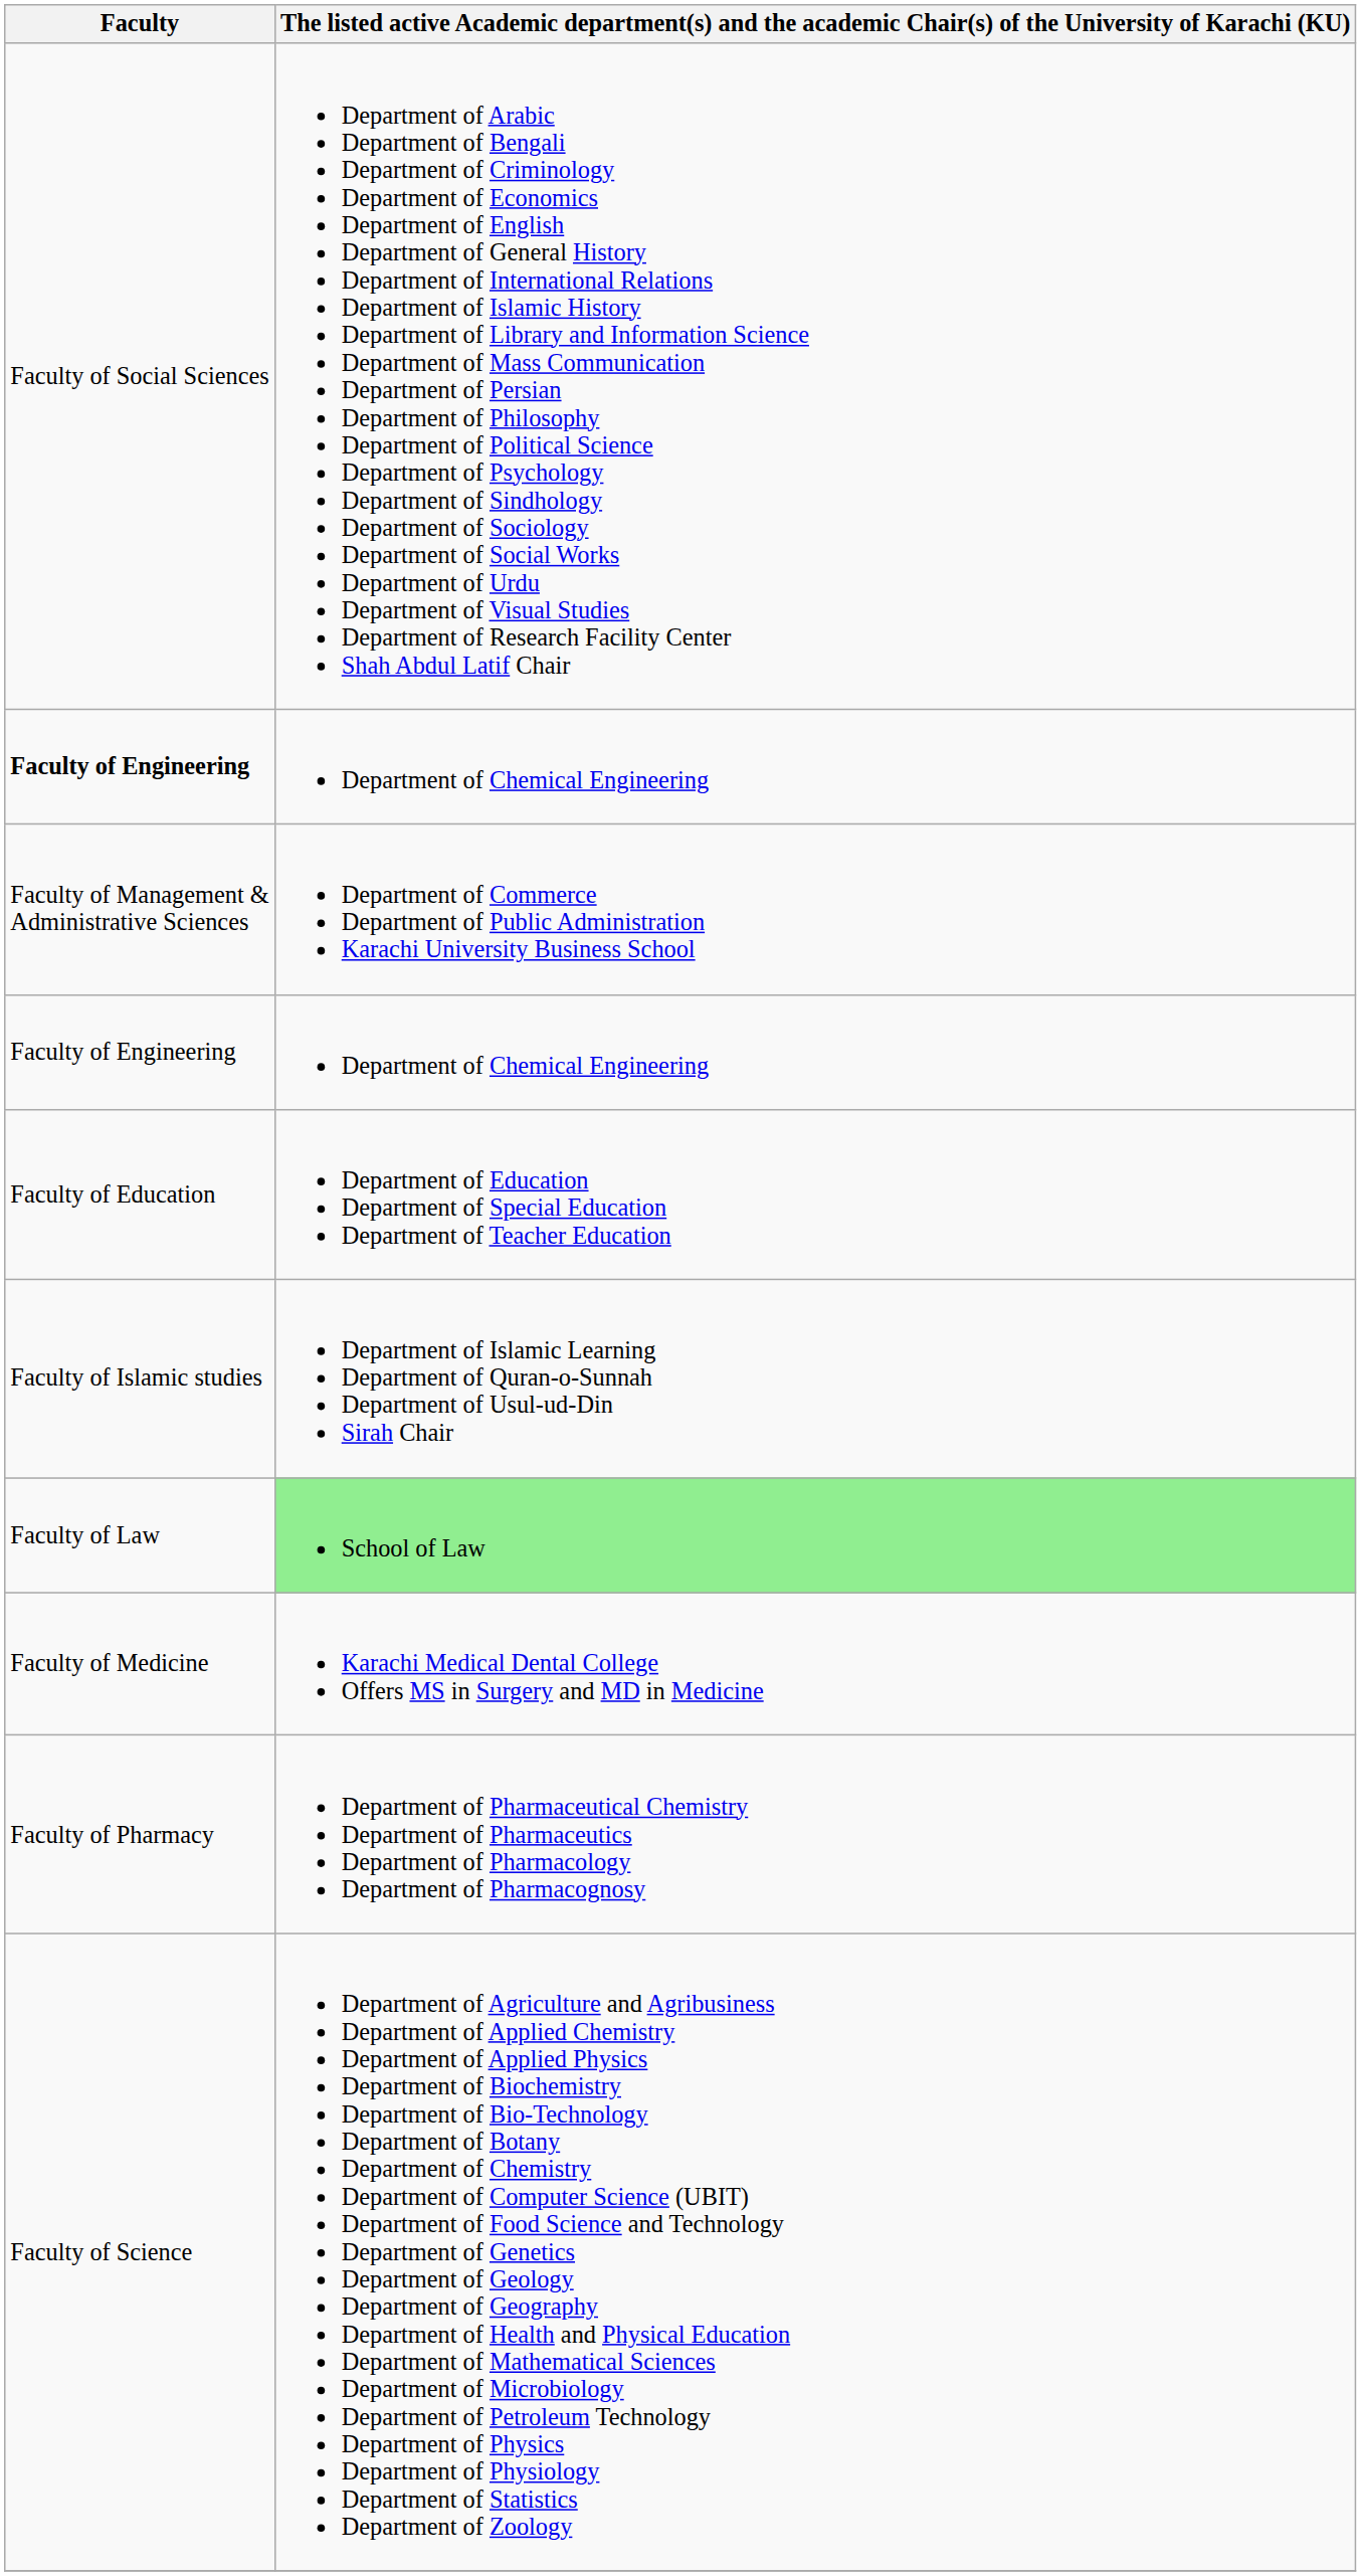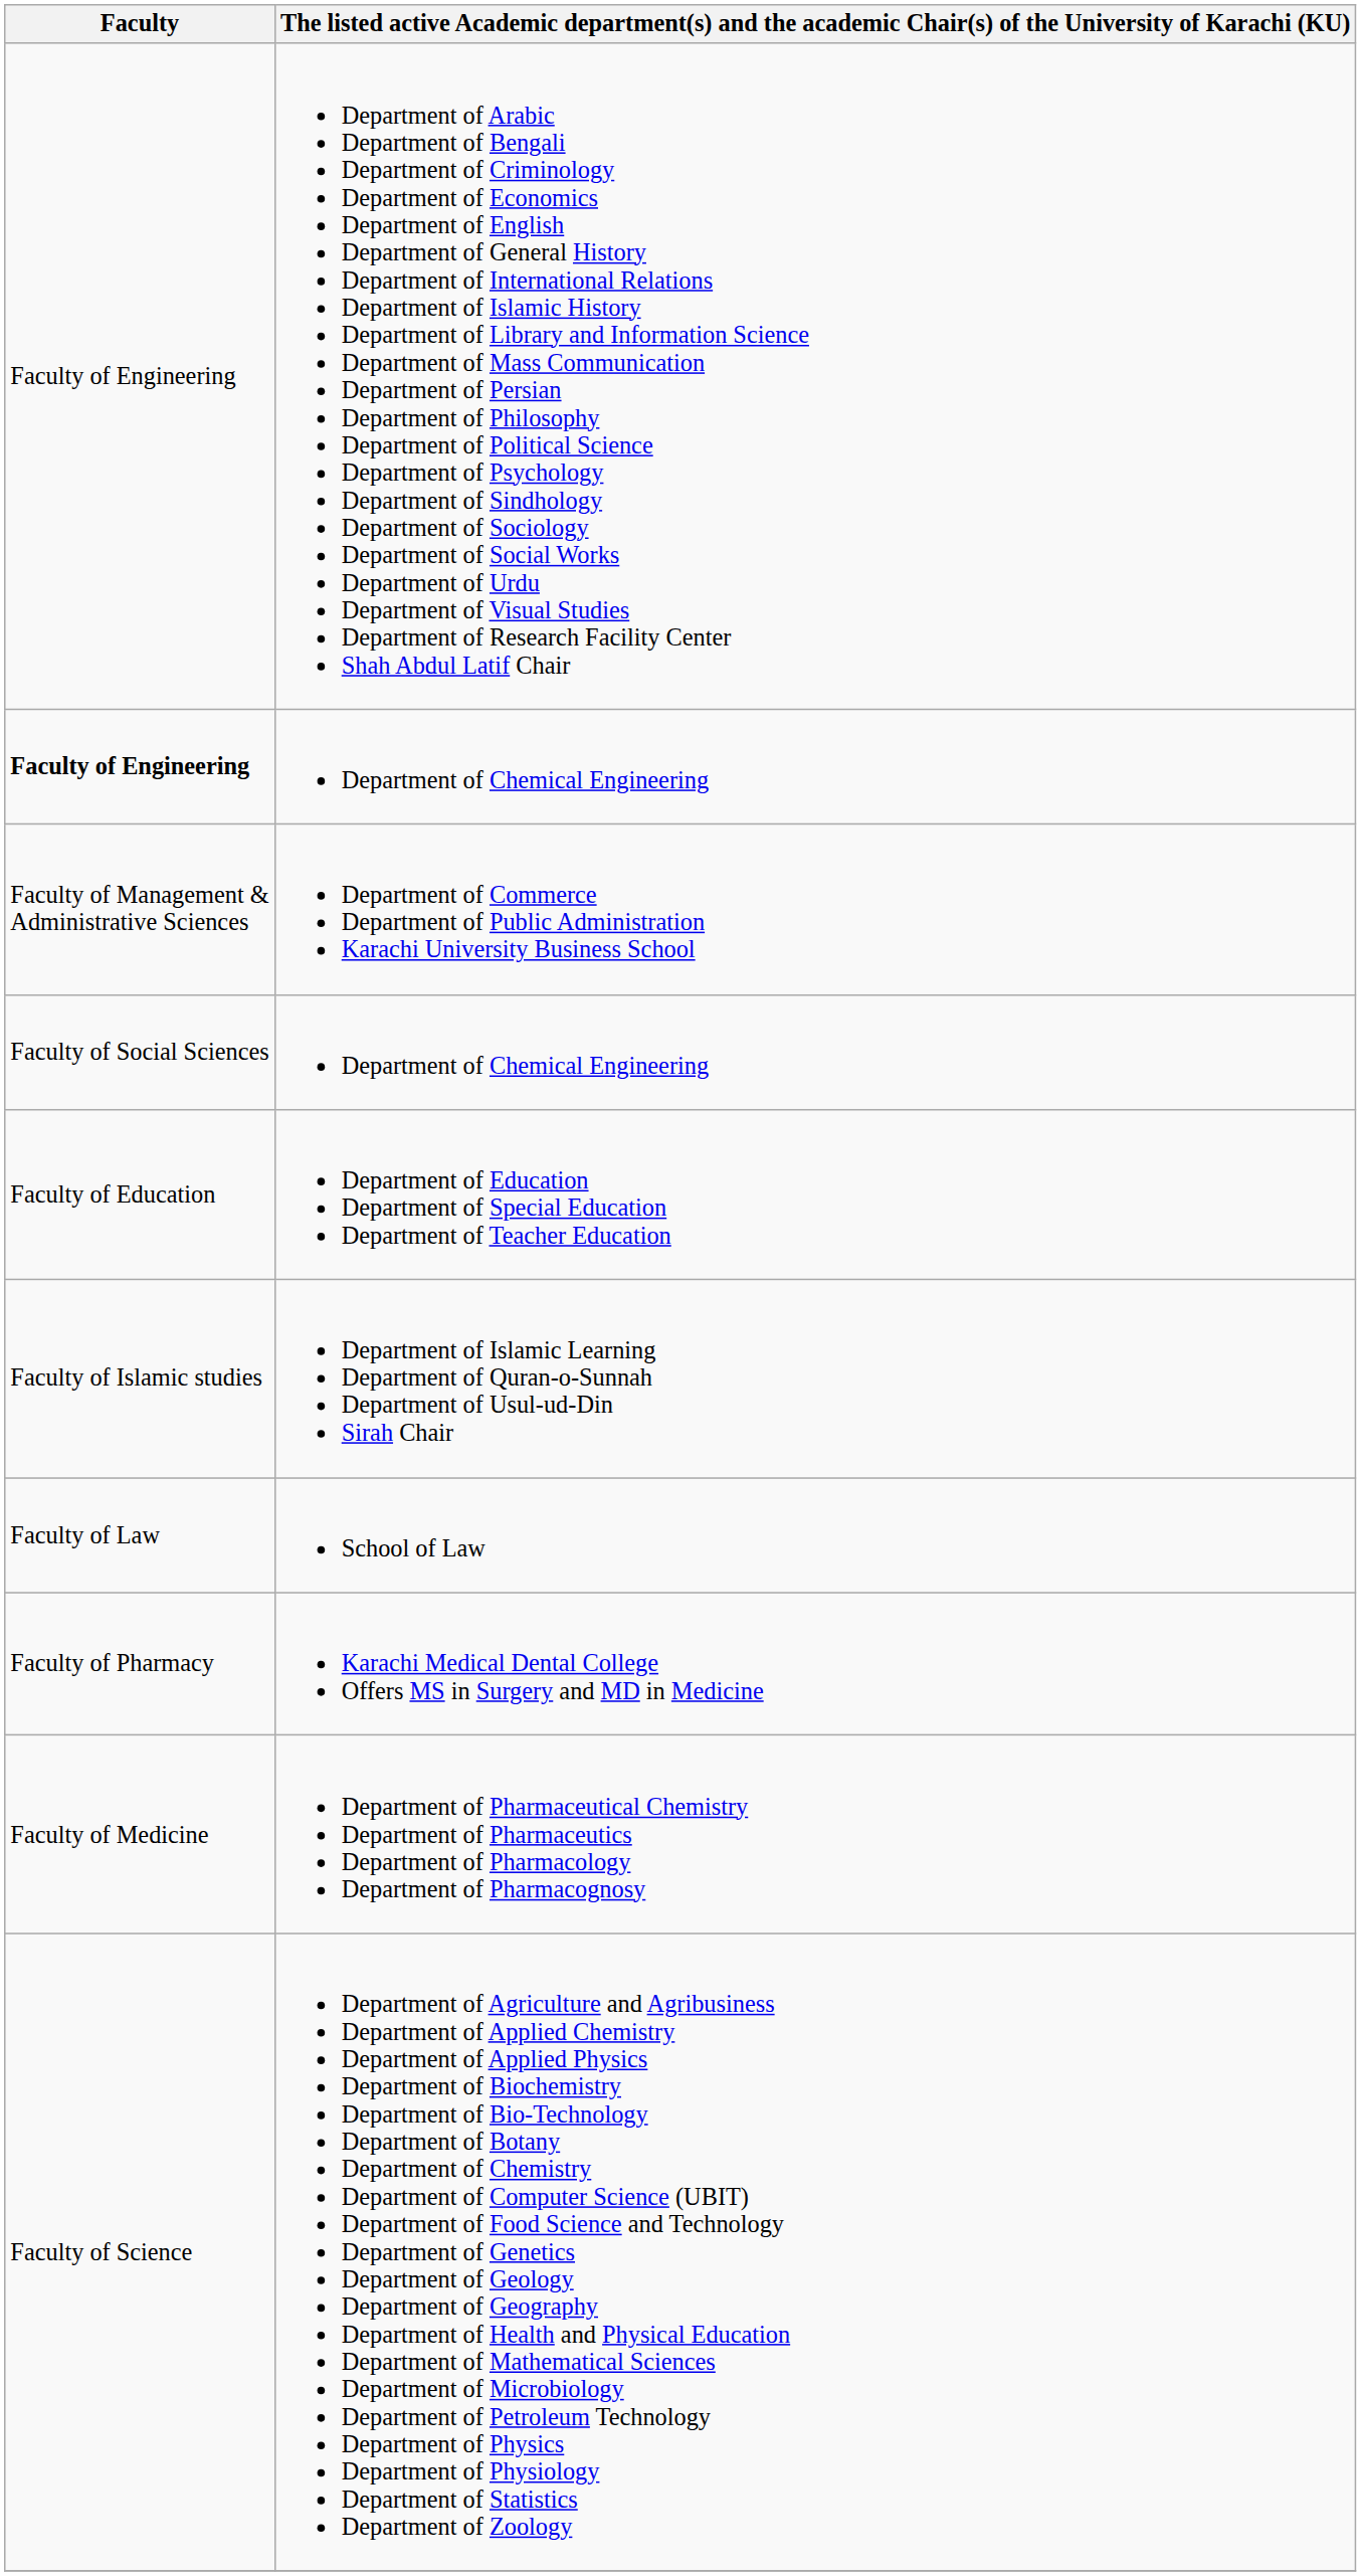 <table class="wikitable sortable mw-collapsible">
 <tr>
 <th>Faculty</th>
 <th>The listed active Academic department(s) and the academic Chair(s) of the University of Karachi (KU)</th>
 </tr>
 <tr>
-<td>Faculty of Social Sciences</td>
+<td>Faculty of Engineering</td>
 <td><br><ul><li>Department of <a href='#'>Arabic</a></li><li>Department of <a href='#'>Bengali</a></li><li>Department of <a href='#'>Criminology</a></li><li>Department of <a href='#'>Economics</a></li><li>Department of <a href='#'>English</a></li><li>Department of General <a href='#'>History</a></li><li>Department of <a href='#'>International Relations</a></li><li>Department of <a href='#'>Islamic History</a></li><li>Department of <a href='#'>Library and Information Science</a></li><li>Department of <a href='#'>Mass Communication</a></li><li>Department of <a href='#'>Persian</a></li><li>Department of <a href='#'>Philosophy</a></li><li>Department of <a href='#'>Political Science</a></li><li>Department of <a href='#'>Psychology</a></li><li>Department of <a href='#'>Sindhology</a></li><li>Department of <a href='#'>Sociology</a></li><li>Department of <a href='#'>Social Works</a></li><li>Department of <a href='#'>Urdu</a></li><li>Department of <a href='#'>Visual Studies</a></li><li>Department of Research Facility Center</li><li><a href='#'>Shah Abdul Latif</a> Chair</li></ul></td>
 </tr>
 <tr>
 <td><strong>Faculty of Engineering</strong></td>
 <td><br><ul><li>Department of <a href='#'>Chemical Engineering</a></li></ul></td>
 </tr>
 <tr>
 <td>Faculty of Management &<br>Administrative Sciences</td>
 <td><br><ul><li>Department of <a href='#'>Commerce</a></li><li>Department of <a href='#'>Public Administration</a></li><li><a href='#'>Karachi University Business School</a></li></ul></td>
 </tr>
 <tr>
-<td>Faculty of Engineering</td>
+<td>Faculty of Social Sciences</td>
 <td><br><ul><li>Department of <a href='#'>Chemical Engineering</a></li></ul></td>
 </tr>
 <tr>
 <td>Faculty of Education</td>
 <td><br><ul><li>Department of <a href='#'>Education</a></li><li>Department of <a href='#'>Special Education</a></li><li>Department of <a href='#'>Teacher Education</a></li></ul></td>
 </tr>
 <tr>
 <td>Faculty of Islamic studies</td>
 <td><br><ul><li>Department of Islamic Learning</li><li>Department of Quran-o-Sunnah</li><li>Department of Usul-ud-Din</li><li><a href='#'>Sirah</a> Chair</li></ul></td>
 </tr>
 <tr>
 <td>Faculty of Law</td>
-<td style="background: lightgreen;"><br><ul><li>School of Law</li></ul></td>
+<td><br><ul><li>School of Law</li></ul></td>
+</tr>
+<tr>
+<td>Faculty of Pharmacy</td>
+<td><br><ul><li><a href='#'>Karachi Medical Dental College</a></li><li>Offers <a href='#'>MS</a> in <a href='#'>Surgery</a> and <a href='#'>MD</a> in <a href='#'>Medicine</a></li></ul></td>
 </tr>
 <tr>
 <td>Faculty of Medicine</td>
-<td><br><ul><li><a href='#'>Karachi Medical Dental College</a></li><li>Offers <a href='#'>MS</a> in <a href='#'>Surgery</a> and <a href='#'>MD</a> in <a href='#'>Medicine</a></li></ul></td>
-</tr>
-<tr>
-<td>Faculty of Pharmacy</td>
 <td><br><ul><li>Department of <a href='#'>Pharmaceutical Chemistry</a></li><li>Department of <a href='#'>Pharmaceutics</a></li><li>Department of <a href='#'>Pharmacology</a></li><li>Department of <a href='#'>Pharmacognosy</a></li></ul></td>
 </tr>
 <tr>
 <td>Faculty of Science</td>
 <td><br><ul><li>Department of <a href='#'>Agriculture</a> and <a href='#'>Agribusiness</a></li><li>Department of <a href='#'>Applied Chemistry</a></li><li>Department of <a href='#'>Applied Physics</a></li><li>Department of <a href='#'>Biochemistry</a></li><li>Department of <a href='#'>Bio-Technology</a></li><li>Department of <a href='#'>Botany</a></li><li>Department of <a href='#'>Chemistry</a></li><li>Department of <a href='#'>Computer Science</a> (UBIT)</li><li>Department of <a href='#'>Food Science</a> and Technology</li><li>Department of <a href='#'>Genetics</a></li><li>Department of <a href='#'>Geology</a></li><li>Department of <a href='#'>Geography</a></li><li>Department of <a href='#'>Health</a> and <a href='#'>Physical Education</a></li><li>Department of <a href='#'>Mathematical Sciences</a></li><li>Department of <a href='#'>Microbiology</a></li><li>Department of <a href='#'>Petroleum</a> Technology</li><li>Department of <a href='#'>Physics</a></li><li>Department of <a href='#'>Physiology</a></li><li>Department of <a href='#'>Statistics</a></li><li>Department of <a href='#'>Zoology</a></li></ul></td>
 </tr>
 <tr>
 </tr>
 </table>
